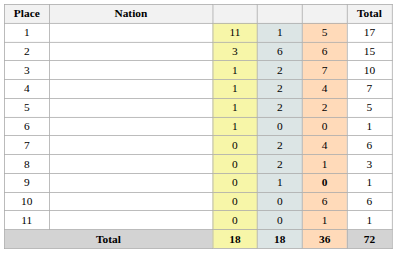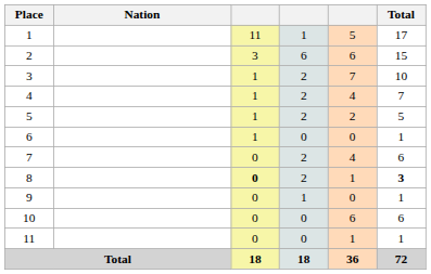 <table class=wikitable style="border:1px solid #AAAAAA;font-size:90%">
 <tr bgcolor="#EFEFEF">
 <th width=50>Place</th>
 <th width=200>Nation</th>
 <th width=50></th>
 <th width=50></th>
 <th width=50></th>
 <th width=50>Total</th>
 </tr>
 <tr align="center" valign="top" bgcolor="#FFFFFF">
 <td>1</td>
 <td align="left"></td>
 <td style="background:#F7F6A8;">11</td>
 <td style="background:#DCE5E5;">1</td>
 <td style="background:#FFDAB9;">5</td>
 <td>17</td>
 </tr>
 <tr align="center" valign="top" bgcolor="#FFFFFF">
 <td>2</td>
 <td align="left"></td>
 <td style="background:#F7F6A8;">3</td>
 <td style="background:#DCE5E5;">6</td>
 <td style="background:#FFDAB9;">6</td>
 <td>15</td>
 </tr>
 <tr align="center" valign="top" bgcolor="#FFFFFF">
 <td>3</td>
 <td align="left"></td>
 <td style="background:#F7F6A8;">1</td>
 <td style="background:#DCE5E5;">2</td>
 <td style="background:#FFDAB9;">7</td>
 <td>10</td>
 </tr>
 <tr align="center" valign="top" bgcolor="#FFFFFF">
 <td>4</td>
 <td align="left"></td>
 <td style="background:#F7F6A8;">1</td>
 <td style="background:#DCE5E5;">2</td>
 <td style="background:#FFDAB9;">4</td>
 <td>7</td>
 </tr>
 <tr align="center" valign="top" bgcolor="#FFFFFF">
 <td>5</td>
 <td align="left"></td>
 <td style="background:#F7F6A8;">1</td>
 <td style="background:#DCE5E5;">2</td>
 <td style="background:#FFDAB9;">2</td>
 <td>5</td>
 </tr>
 <tr align="center" valign="top" bgcolor="#FFFFFF">
 <td>6</td>
 <td align="left"></td>
 <td style="background:#F7F6A8;">1</td>
 <td style="background:#DCE5E5;">0</td>
 <td style="background:#FFDAB9;">0</td>
 <td>1</td>
 </tr>
 <tr align="center" valign="top" bgcolor="#FFFFFF">
 <td>7</td>
 <td align="left"></td>
 <td style="background:#F7F6A8;">0</td>
 <td style="background:#DCE5E5;">2</td>
 <td style="background:#FFDAB9;">4</td>
 <td>6</td>
 </tr>
 <tr align="center" valign="top" bgcolor="#FFFFFF">
 <td>8</td>
 <td align="left"></td>
-<td style="background:#F7F6A8;">0</td>
+<td style="background:#F7F6A8;"><strong>0</strong></td>
 <td style="background:#DCE5E5;">2</td>
 <td style="background:#FFDAB9;">1</td>
-<td>3</td>
+<td><strong>3</strong></td>
 </tr>
 <tr align="center" valign="top" bgcolor="#FFFFFF">
 <td>9</td>
 <td align="left"></td>
 <td style="background:#F7F6A8;">0</td>
 <td style="background:#DCE5E5;">1</td>
-<td style="background:#FFDAB9;"><strong>0</strong></td>
+<td style="background:#FFDAB9;">0</td>
 <td>1</td>
 </tr>
 <tr align="center" valign="top" bgcolor="#FFFFFF">
 <td>10</td>
 <td align="left"></td>
 <td style="background:#F7F6A8;">0</td>
 <td style="background:#DCE5E5;">0</td>
 <td style="background:#FFDAB9;">6</td>
 <td>6</td>
 </tr>
 <tr align="center" valign="top" bgcolor="#FFFFFF">
 <td>11</td>
 <td align="left"></td>
 <td style="background:#F7F6A8;">0</td>
 <td style="background:#DCE5E5;">0</td>
 <td style="background:#FFDAB9;">1</td>
 <td>1</td>
 </tr>
 <tr align="center">
 <td colspan="2" bgcolor=D3D3D3><strong>Total</strong></td>
 <td style="background:#F7F6A8;"><strong>18</strong></td>
 <td style="background:#DCE5E5;"><strong>18</strong></td>
 <td style="background:#FFDAB9;"><strong>36</strong></td>
 <td bgcolor=D3D3D3><strong>72</strong></td>
 </tr>
 </table>
